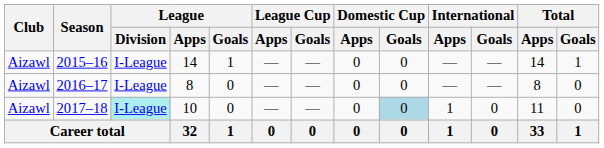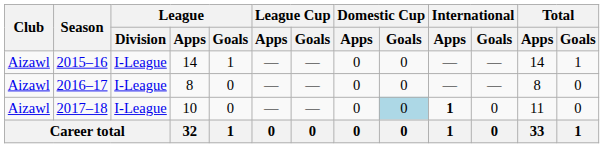 <table class="wikitable" style="text-align: center;">
 <tr>
 <th rowspan="2">Club</th>
 <th rowspan="2">Season</th>
 <th colspan="3">League</th>
 <th colspan="2">League Cup</th>
 <th colspan="2">Domestic Cup</th>
 <th colspan="2">International</th>
 <th colspan="2">Total</th>
 </tr>
 <tr>
 <th>Division</th>
 <th>Apps</th>
 <th>Goals</th>
 <th>Apps</th>
 <th>Goals</th>
 <th>Apps</th>
 <th>Goals</th>
 <th>Apps</th>
 <th>Goals</th>
 <th>Apps</th>
 <th>Goals</th>
 </tr>
 <tr>
 <td rowspan="1"><a href='#'>Aizawl</a></td>
 <td><a href='#'>2015–16</a></td>
 <td><a href='#'>I-League</a></td>
 <td>14</td>
 <td>1</td>
 <td>—</td>
 <td>—</td>
 <td>0</td>
 <td>0</td>
 <td>—</td>
 <td>—</td>
 <td>14</td>
 <td>1</td>
 </tr>
 <tr>
 <td rowspan="1"><a href='#'>Aizawl</a></td>
 <td><a href='#'>2016–17</a></td>
 <td><a href='#'>I-League</a></td>
 <td>8</td>
 <td>0</td>
 <td>—</td>
 <td>—</td>
 <td>0</td>
 <td>0</td>
 <td>—</td>
 <td>—</td>
 <td>8</td>
 <td>0</td>
 </tr>
 <tr>
 <td rowspan="1"><a href='#'>Aizawl</a></td>
 <td><a href='#'>2017–18</a></td>
-<td style="background: paleturquoise;"><a href='#'>I-League</a></td>
+<td><a href='#'>I-League</a></td>
 <td>10</td>
 <td>0</td>
 <td>—</td>
 <td>—</td>
 <td>0</td>
 <td style="background: lightblue;">0</td>
-<td>1</td>
+<td><strong>1</strong></td>
 <td>0</td>
 <td>11</td>
 <td>0</td>
 </tr>
 <tr>
 <th colspan="3">Career total</th>
 <th>32</th>
 <th>1</th>
 <th>0</th>
 <th>0</th>
 <th>0</th>
 <th>0</th>
 <th>1</th>
 <th>0</th>
 <th>33</th>
 <th>1</th>
 </tr>
 </table>
